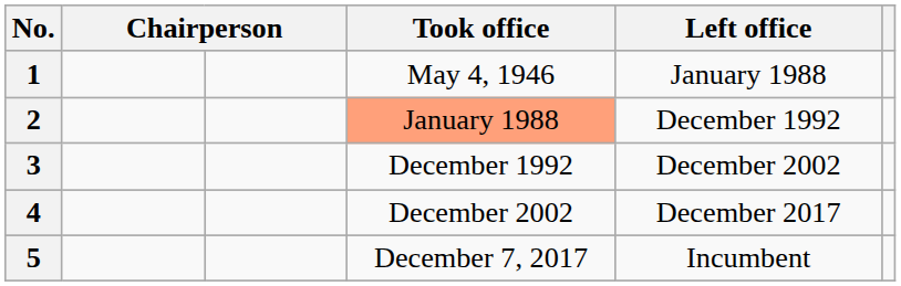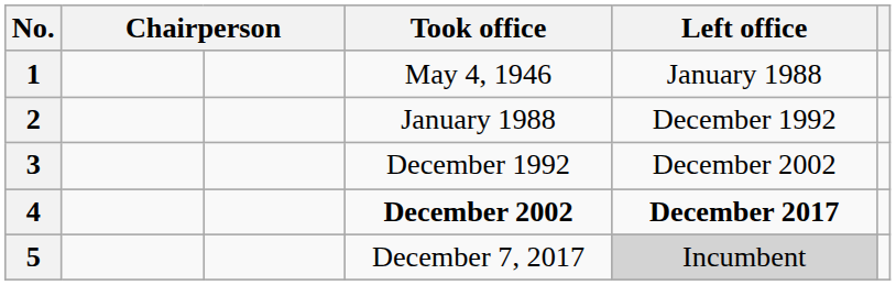 <table class="wikitable" style="text-align: center; border-collapse: collapse;">
 <tr>
 <th>No.</th>
 <th colspan="2" width="150">Chairperson</th>
 <th width="140" align="center">Took office</th>
 <th width="140" align="center">Left office</th>
 <th></th>
 </tr>
 <tr>
 <th><strong>1</strong></th>
 <td align="center"></td>
 <td align="center"><br></td>
 <td align="center">May 4, 1946</td>
 <td align="center">January 1988</td>
 <td></td>
 </tr>
 <tr>
 <th><strong>2</strong></th>
 <td align="center"></td>
 <td align="center"><br></td>
-<td align="center" style="background: lightsalmon;">January 1988</td>
+<td align="center">January 1988</td>
 <td align="center">December 1992</td>
 <td></td>
 </tr>
 <tr>
 <th><strong>3</strong></th>
 <td align="center"></td>
 <td align="center"><br></td>
 <td align="center">December 1992</td>
 <td align="center">December 2002</td>
 <td></td>
 </tr>
 <tr>
 <th><strong>4</strong></th>
 <td align="center"></td>
 <td align="center"><br></td>
-<td align="center">December 2002</td>
-<td align="center">December 2017</td>
+<td align="center"><strong>December 2002</strong></td>
+<td align="center"><strong>December 2017</strong></td>
 <td></td>
 </tr>
 <tr>
 <th><strong>5</strong></th>
 <td></td>
 <td><br></td>
 <td>December 7, 2017</td>
-<td>Incumbent</td>
+<td style="background: lightgrey;">Incumbent</td>
 <td></td>
 </tr>
 </table>
